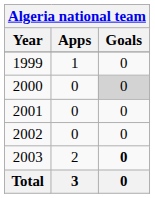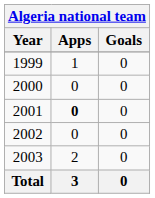 <table class="wikitable" style="text-align:center">
 <tr>
 <th colspan=3><a href='#'>Algeria national team</a></th>
 </tr>
 <tr>
 <th>Year</th>
 <th>Apps</th>
 <th>Goals</th>
 </tr>
 <tr>
 </tr>
 <tr>
 <td>1999</td>
 <td>1</td>
 <td>0</td>
 </tr>
 <tr>
 <td>2000</td>
 <td>0</td>
-<td style="background: lightgrey;">0</td>
+<td>0</td>
 </tr>
 <tr>
 <td>2001</td>
-<td>0</td>
+<td><strong>0</strong></td>
 <td>0</td>
 </tr>
 <tr>
 <td>2002</td>
 <td>0</td>
 <td>0</td>
 </tr>
 <tr>
 <td>2003</td>
 <td>2</td>
-<td><strong>0</strong></td>
+<td>0</td>
 </tr>
 <tr>
 <th>Total</th>
 <th>3</th>
 <th>0</th>
 </tr>
 </table>
